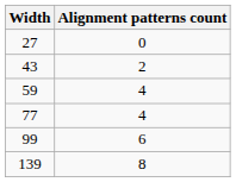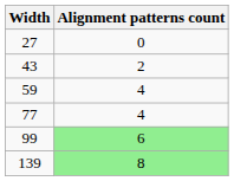 <table class="wikitable" border="1" style="text-align:center">
 <tr>
 <th>Width</th>
 <th>Alignment patterns count</th>
 </tr>
 <tr>
 <td>27</td>
 <td>0</td>
 </tr>
 <tr>
 <td>43</td>
 <td>2</td>
 </tr>
 <tr>
 <td>59</td>
 <td>4</td>
 </tr>
 <tr>
 <td>77</td>
 <td>4</td>
 </tr>
 <tr>
 <td>99</td>
-<td>6</td>
+<td style="background: lightgreen;">6</td>
 </tr>
 <tr>
 <td>139</td>
-<td>8</td>
+<td style="background: lightgreen;">8</td>
 </tr>
 </table>
